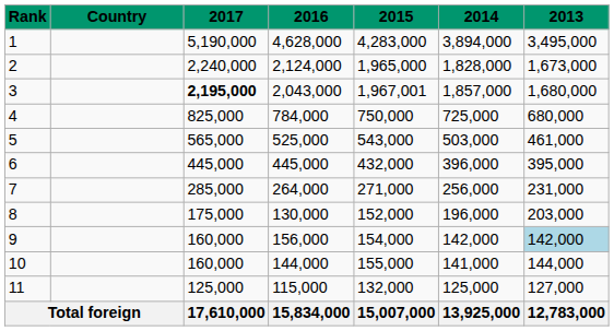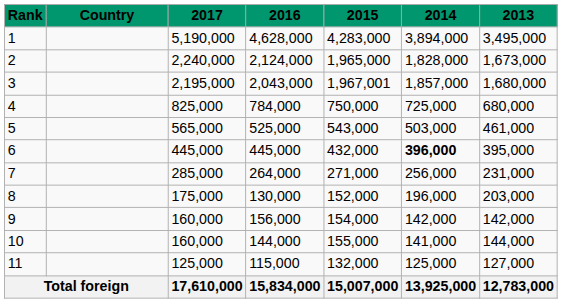 <table class="wikitable">
 <tr>
 </tr>
 <tr style="color:black;">
 <th style="width:5px; background:#00966E;">Rank</th>
 <th style="width:130px; background:#00966E;">Country</th>
 <th style="width:50px; background:#00966E;">2017</th>
 <th style="width:50px; background:#00966E;">2016</th>
 <th style="width:50px; background:#00966E;">2015</th>
 <th style="width:50px; background:#00966E;">2014</th>
 <th style="width:50px; background:#00966E;">2013</th>
 </tr>
 <tr>
 <td>1</td>
 <td></td>
 <td>5,190,000</td>
 <td>4,628,000</td>
 <td>4,283,000</td>
 <td>3,894,000</td>
 <td>3,495,000</td>
 </tr>
 <tr>
 <td>2</td>
 <td></td>
 <td>2,240,000</td>
 <td>2,124,000</td>
 <td>1,965,000</td>
 <td>1,828,000</td>
 <td>1,673,000</td>
 </tr>
 <tr>
 <td>3</td>
 <td></td>
-<td><strong>2,195,000</strong></td>
+<td>2,195,000</td>
 <td>2,043,000</td>
 <td>1,967,001</td>
 <td>1,857,000</td>
 <td>1,680,000</td>
 </tr>
 <tr>
 <td>4</td>
 <td></td>
 <td>825,000</td>
 <td>784,000</td>
 <td>750,000</td>
 <td>725,000</td>
 <td>680,000</td>
 </tr>
 <tr>
 <td>5</td>
 <td></td>
 <td>565,000</td>
 <td>525,000</td>
 <td>543,000</td>
 <td>503,000</td>
 <td>461,000</td>
 </tr>
 <tr>
 <td>6</td>
 <td></td>
 <td>445,000</td>
 <td>445,000</td>
 <td>432,000</td>
-<td>396,000</td>
+<td><strong>396,000</strong></td>
 <td>395,000</td>
 </tr>
 <tr>
 <td>7</td>
 <td></td>
 <td>285,000</td>
 <td>264,000</td>
 <td>271,000</td>
 <td>256,000</td>
 <td>231,000</td>
 </tr>
 <tr>
 <td>8</td>
 <td></td>
 <td>175,000</td>
 <td>130,000</td>
 <td>152,000</td>
 <td>196,000</td>
 <td>203,000</td>
 </tr>
 <tr>
 <td>9</td>
 <td></td>
 <td>160,000</td>
 <td>156,000</td>
 <td>154,000</td>
 <td>142,000</td>
-<td style="background: lightblue;">142,000</td>
+<td>142,000</td>
 </tr>
 <tr>
 <td>10</td>
 <td></td>
 <td>160,000</td>
 <td>144,000</td>
 <td>155,000</td>
 <td>141,000</td>
 <td>144,000</td>
 </tr>
 <tr>
 <td>11</td>
 <td></td>
 <td>125,000</td>
 <td>115,000</td>
 <td>132,000</td>
 <td>125,000</td>
 <td>127,000</td>
 </tr>
 <tr>
 <th colspan=2>Total foreign</th>
 <th>17,610,000</th>
 <th>15,834,000</th>
 <th>15,007,000</th>
 <th>13,925,000</th>
 <th>12,783,000</th>
 </tr>
 </table>
